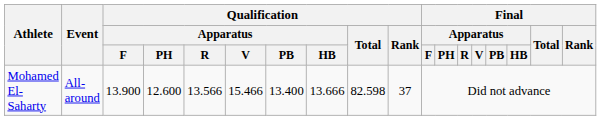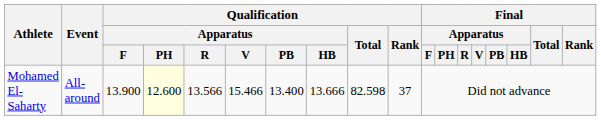 <table class="wikitable" style="font-size:90%">
 <tr>
 <th scope="col" rowspan=3>Athlete</th>
 <th scope="col" rowspan=3>Event</th>
 <th scope="col" colspan =8>Qualification</th>
 <th scope="col" colspan =8>Final</th>
 </tr>
 <tr style="font-size:95%">
 <th scope="col" colspan=6>Apparatus</th>
 <th scope="col" rowspan=2>Total</th>
 <th scope="col" rowspan=2>Rank</th>
 <th scope="col" colspan=6>Apparatus</th>
 <th scope="col" rowspan=2>Total</th>
 <th scope="col" rowspan=2>Rank</th>
 </tr>
 <tr style="font-size:95%">
 <th scope="col">F</th>
 <th scope="col">PH</th>
 <th scope="col">R</th>
 <th scope="col">V</th>
 <th scope="col">PB</th>
 <th scope="col">HB</th>
 <th scope="col">F</th>
 <th scope="col">PH</th>
 <th scope="col">R</th>
 <th scope="col">V</th>
 <th scope="col">PB</th>
 <th scope="col">HB</th>
 </tr>
 <tr align=center>
 <td align=left><a href='#'>Mohamed El-Saharty</a></td>
 <td align=left><a href='#'>All-around</a></td>
 <td>13.900</td>
-<td>12.600</td>
+<td style="background: lightyellow;">12.600</td>
 <td>13.566</td>
 <td>15.466</td>
 <td>13.400</td>
 <td>13.666</td>
 <td>82.598</td>
 <td>37</td>
 <td colspan=8>Did not advance</td>
 </tr>
 </table>
